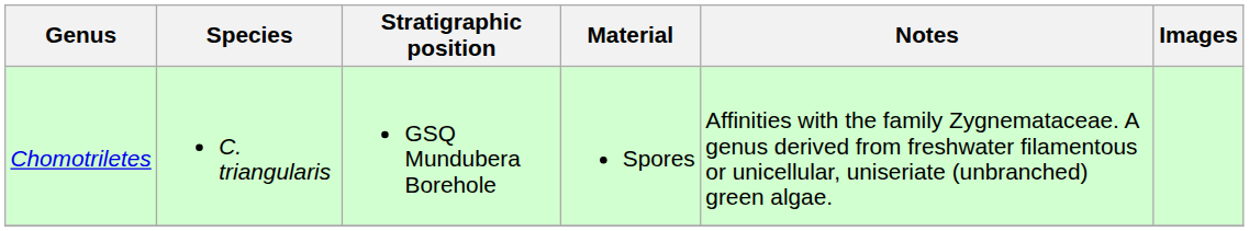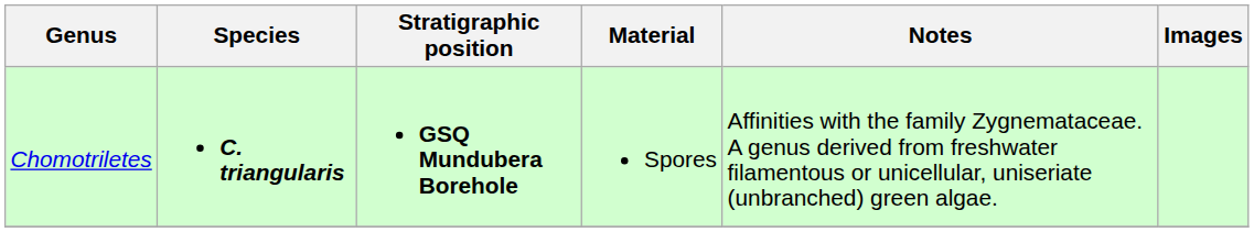 <table class = "wikitable">
 <tr>
 <th>Genus</th>
 <th>Species</th>
 <th>Stratigraphic position</th>
 <th>Material</th>
 <th>Notes</th>
 <th>Images</th>
 </tr>
 <tr>
 <td style="background:#D1FFCF;"><br><em><a href='#'>Chomotriletes</a></em></td>
-<td style="background:#D1FFCF;"><br><ul><li><em>C. triangularis</em></li></ul></td>
-<td style="background:#D1FFCF;"><br><ul><li>GSQ Mundubera Borehole</li></ul></td>
+<td style="background:#D1FFCF;"><strong><br><ul><li><em>C. triangularis</em></li></ul></strong></td>
+<td style="background:#D1FFCF;"><strong><br><ul><li>GSQ Mundubera Borehole</li></ul></strong></td>
 <td style="background:#D1FFCF;"><br><ul><li>Spores</li></ul></td>
 <td style="background:#D1FFCF;"><br>Affinities with the family Zygnemataceae. A genus derived from freshwater filamentous or unicellular, uniseriate (unbranched) green algae.</td>
 <td style="background:#D1FFCF;"></td>
 </tr>
 <tr>
 </tr>
 </table>
